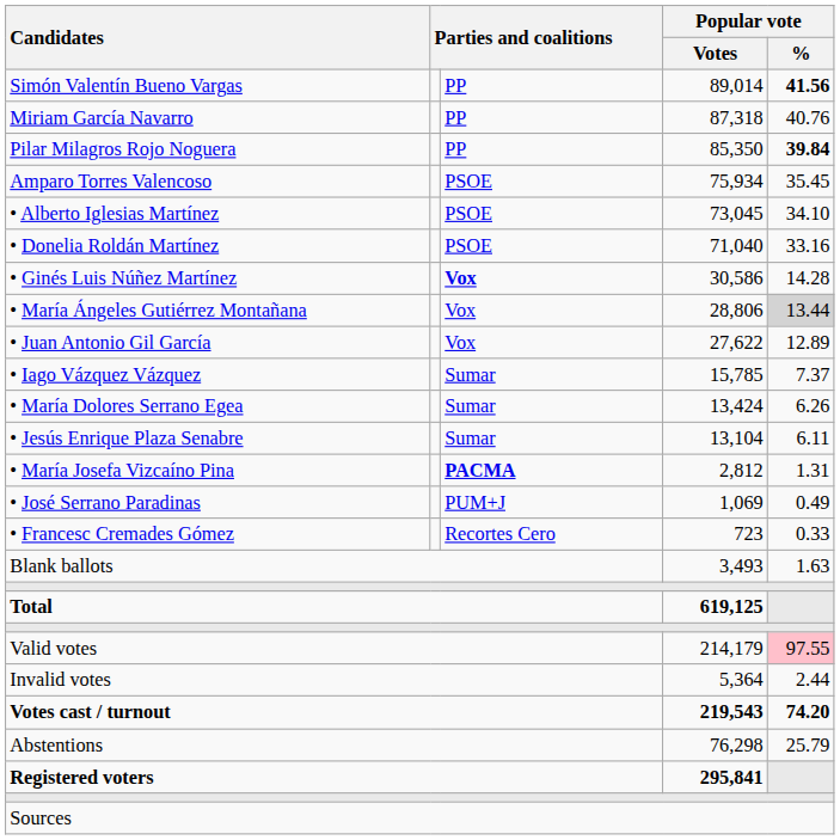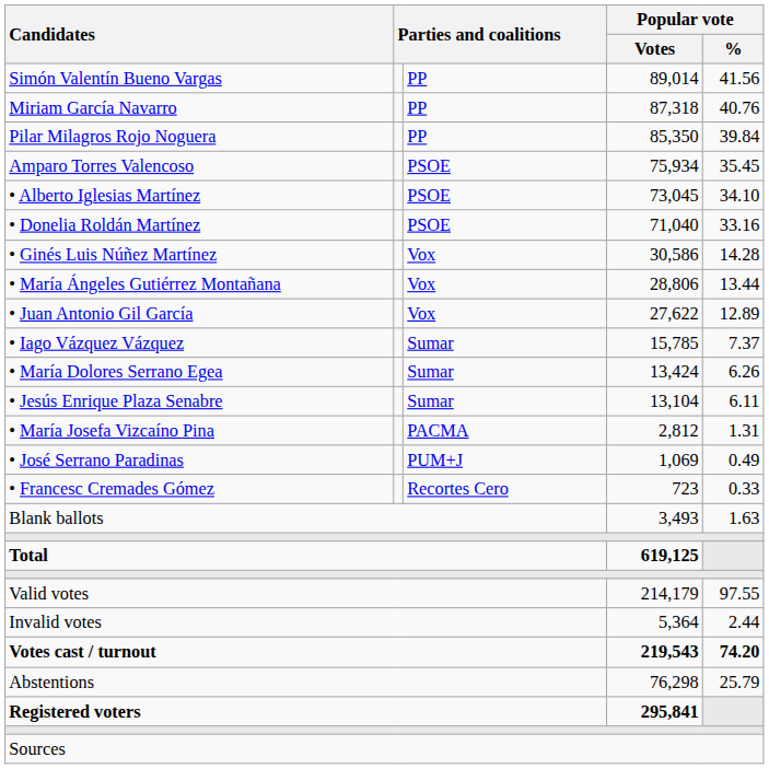 <table class="wikitable" style="text-align:right; font-size:95%;">
 <tr>
 <th style="text-align:left;" rowspan="2" width="325">Candidates</th>
 <th style="text-align:left;" rowspan="2" colspan="2" width="175">Parties and coalitions</th>
 <th colspan="2">Popular vote</th>
 </tr>
 <tr>
 <th width="75">Votes</th>
 <th width="45">%</th>
 </tr>
 <tr>
 <td align="left"> <a href='#'>Simón Valentín Bueno Vargas</a></td>
 <td width="1" style="color:inherit;background:"></td>
 <td align="left"><a href='#'>PP</a></td>
 <td>89,014</td>
-<td><strong>41.56</strong></td>
+<td>41.56</td>
 </tr>
 <tr>
 <td align="left"> <a href='#'>Miriam García Navarro</a></td>
 <td width="1" style="color:inherit;background:"></td>
 <td align="left"><a href='#'>PP</a></td>
 <td>87,318</td>
 <td>40.76</td>
 </tr>
 <tr>
 <td align="left"> <a href='#'>Pilar Milagros Rojo Noguera</a></td>
 <td width="1" style="color:inherit;background:"></td>
 <td align="left"><a href='#'>PP</a></td>
 <td>85,350</td>
-<td><strong>39.84</strong></td>
+<td>39.84</td>
 </tr>
 <tr>
 <td align="left"> <a href='#'>Amparo Torres Valencoso</a></td>
 <td width="1" style="color:inherit;background:"></td>
 <td align="left"><a href='#'>PSOE</a></td>
 <td>75,934</td>
 <td>35.45</td>
 </tr>
 <tr>
 <td align="left">• <a href='#'>Alberto Iglesias Martínez</a></td>
 <td width="1" style="color:inherit;background:"></td>
 <td align="left"><a href='#'>PSOE</a></td>
 <td>73,045</td>
 <td>34.10</td>
 </tr>
 <tr>
 <td align="left">• <a href='#'>Donelia Roldán Martínez</a></td>
 <td width="1" style="color:inherit;background:"></td>
 <td align="left"><a href='#'>PSOE</a></td>
 <td>71,040</td>
 <td>33.16</td>
 </tr>
 <tr>
 <td align="left">• <a href='#'>Ginés Luis Núñez Martínez</a></td>
 <td width="1" style="color:inherit;background:"></td>
-<td align="left"><strong><a href='#'>Vox</a></strong></td>
+<td align="left"><a href='#'>Vox</a></td>
 <td>30,586</td>
 <td>14.28</td>
 </tr>
 <tr>
 <td align="left">• <a href='#'>María Ángeles Gutiérrez Montañana</a></td>
 <td width="1" style="color:inherit;background:"></td>
 <td align="left"><a href='#'>Vox</a></td>
 <td>28,806</td>
-<td style="background: lightgrey;">13.44</td>
+<td>13.44</td>
 </tr>
 <tr>
 <td align="left">• <a href='#'>Juan Antonio Gil García</a></td>
 <td width="1" style="color:inherit;background:"></td>
 <td align="left"><a href='#'>Vox</a></td>
 <td>27,622</td>
 <td>12.89</td>
 </tr>
 <tr>
 <td align="left">• <a href='#'>Iago Vázquez Vázquez</a></td>
 <td width="1" style="color:inherit;background:"></td>
 <td align="left"><a href='#'>Sumar</a></td>
 <td>15,785</td>
 <td>7.37</td>
 </tr>
 <tr>
 <td align="left">• <a href='#'>María Dolores Serrano Egea</a></td>
 <td width="1" style="color:inherit;background:"></td>
 <td align="left"><a href='#'>Sumar</a></td>
 <td>13,424</td>
 <td>6.26</td>
 </tr>
 <tr>
 <td align="left">• <a href='#'>Jesús Enrique Plaza Senabre</a></td>
 <td width="1" style="color:inherit;background:"></td>
 <td align="left"><a href='#'>Sumar</a></td>
 <td>13,104</td>
 <td>6.11</td>
 </tr>
 <tr>
 <td align="left">• <a href='#'>María Josefa Vizcaíno Pina</a></td>
 <td width="1" style="color:inherit;background:"></td>
-<td align="left"><strong><a href='#'>PACMA</a></strong></td>
+<td align="left"><a href='#'>PACMA</a></td>
 <td>2,812</td>
 <td>1.31</td>
 </tr>
 <tr>
 <td align="left">• <a href='#'>José Serrano Paradinas</a></td>
 <td width="1" style="color:inherit;background:"></td>
 <td align="left"><a href='#'>PUM+J</a></td>
 <td>1,069</td>
 <td>0.49</td>
 </tr>
 <tr>
 <td align="left">• <a href='#'>Francesc Cremades Gómez</a></td>
 <td width="1" style="color:inherit;background:"></td>
 <td align="left"><a href='#'>Recortes Cero</a></td>
 <td>723</td>
 <td>0.33</td>
 </tr>
 <tr>
 <td align="left" colspan="3">Blank ballots</td>
 <td>3,493</td>
 <td>1.63</td>
 </tr>
 <tr>
 <td colspan="5" bgcolor="#E9E9E9"></td>
 </tr>
 <tr style="font-weight:bold;">
 <td align="left" colspan="3">Total</td>
 <td>619,125</td>
 <td bgcolor="#E9E9E9"></td>
 </tr>
 <tr>
 <td colspan="5" bgcolor="#E9E9E9"></td>
 </tr>
 <tr>
 <td align="left" colspan="3">Valid votes</td>
 <td>214,179</td>
-<td style="background: pink;">97.55</td>
+<td>97.55</td>
 </tr>
 <tr>
 <td align="left" colspan="3">Invalid votes</td>
 <td>5,364</td>
 <td>2.44</td>
 </tr>
 <tr style="font-weight:bold;">
 <td align="left" colspan="3">Votes cast / turnout</td>
 <td>219,543</td>
 <td>74.20</td>
 </tr>
 <tr>
 <td align="left" colspan="3">Abstentions</td>
 <td>76,298</td>
 <td>25.79</td>
 </tr>
 <tr style="font-weight:bold;">
 <td align="left" colspan="3">Registered voters</td>
 <td>295,841</td>
 <td bgcolor="#E9E9E9"></td>
 </tr>
 <tr>
 <td colspan="5" bgcolor="#E9E9E9"></td>
 </tr>
 <tr>
 <td align="left" colspan="5">Sources</td>
 </tr>
 </table>
